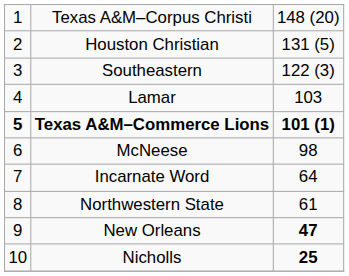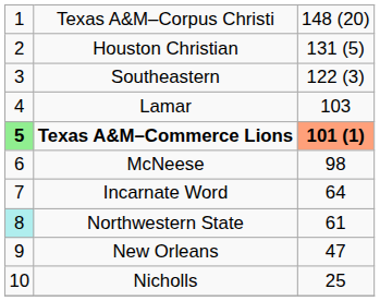 <table class="wikitable">
 <tr align="center">
 <td>1</td>
 <td>Texas A&M–Corpus Christi</td>
 <td>148 (20)</td>
 </tr>
 <tr align="center">
 <td>2</td>
 <td>Houston Christian</td>
 <td>131 (5)</td>
 </tr>
 <tr align="center">
 <td>3</td>
 <td>Southeastern</td>
 <td>122 (3)</td>
 </tr>
 <tr align="center">
 <td>4</td>
 <td>Lamar</td>
 <td>103</td>
 </tr>
 <tr align="center">
-<td><strong>5</strong></td>
+<td style="background: lightgreen;"><strong>5</strong></td>
 <td><strong>Texas A&M–Commerce Lions</strong></td>
-<td><strong>101</strong> <strong>(1)</strong></td>
+<td style="background: lightsalmon;"><strong>101</strong> <strong>(1)</strong></td>
 </tr>
 <tr align="center">
 <td>6</td>
 <td>McNeese</td>
 <td>98</td>
 </tr>
 <tr align="center">
 <td>7</td>
 <td>Incarnate Word</td>
 <td>64</td>
 </tr>
 <tr align="center">
-<td>8</td>
+<td style="background: paleturquoise;">8</td>
 <td>Northwestern State</td>
 <td>61</td>
 </tr>
 <tr align="center">
 <td>9</td>
 <td>New Orleans</td>
-<td><strong>47</strong></td>
+<td>47</td>
 </tr>
 <tr align="center">
 <td>10</td>
 <td>Nicholls</td>
-<td><strong>25</strong></td>
+<td>25</td>
 </tr>
 <tr align="center">
 </tr>
 </table>
